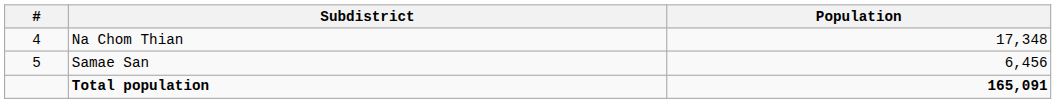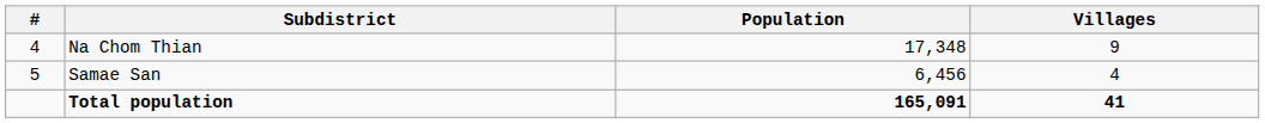 <table class="wikitable" style="width:48%; display:inline-table;">
 <tr>
 <th>#</th>
 <th>Subdistrict</th>
 <th>Population</th>
+<th>Villages</th>
 </tr>
 <tr>
 <td style="text-align:center;">4</td>
 <td>Na Chom Thian</td>
 <td style="text-align:right;">17,348</td>
+<td style="text-align:center;">9</td>
 </tr>
 <tr>
 <td style="text-align:center;">5</td>
 <td>Samae San</td>
 <td style="text-align:right;">6,456</td>
+<td style="text-align:center;">4</td>
 </tr>
 <tr>
 <td></td>
 <td><strong>Total population</strong></td>
 <td style="text-align:right;"><strong>165,091</strong></td>
+<td style="text-align:center;"><strong>41</strong></td>
 </tr>
 </table>
